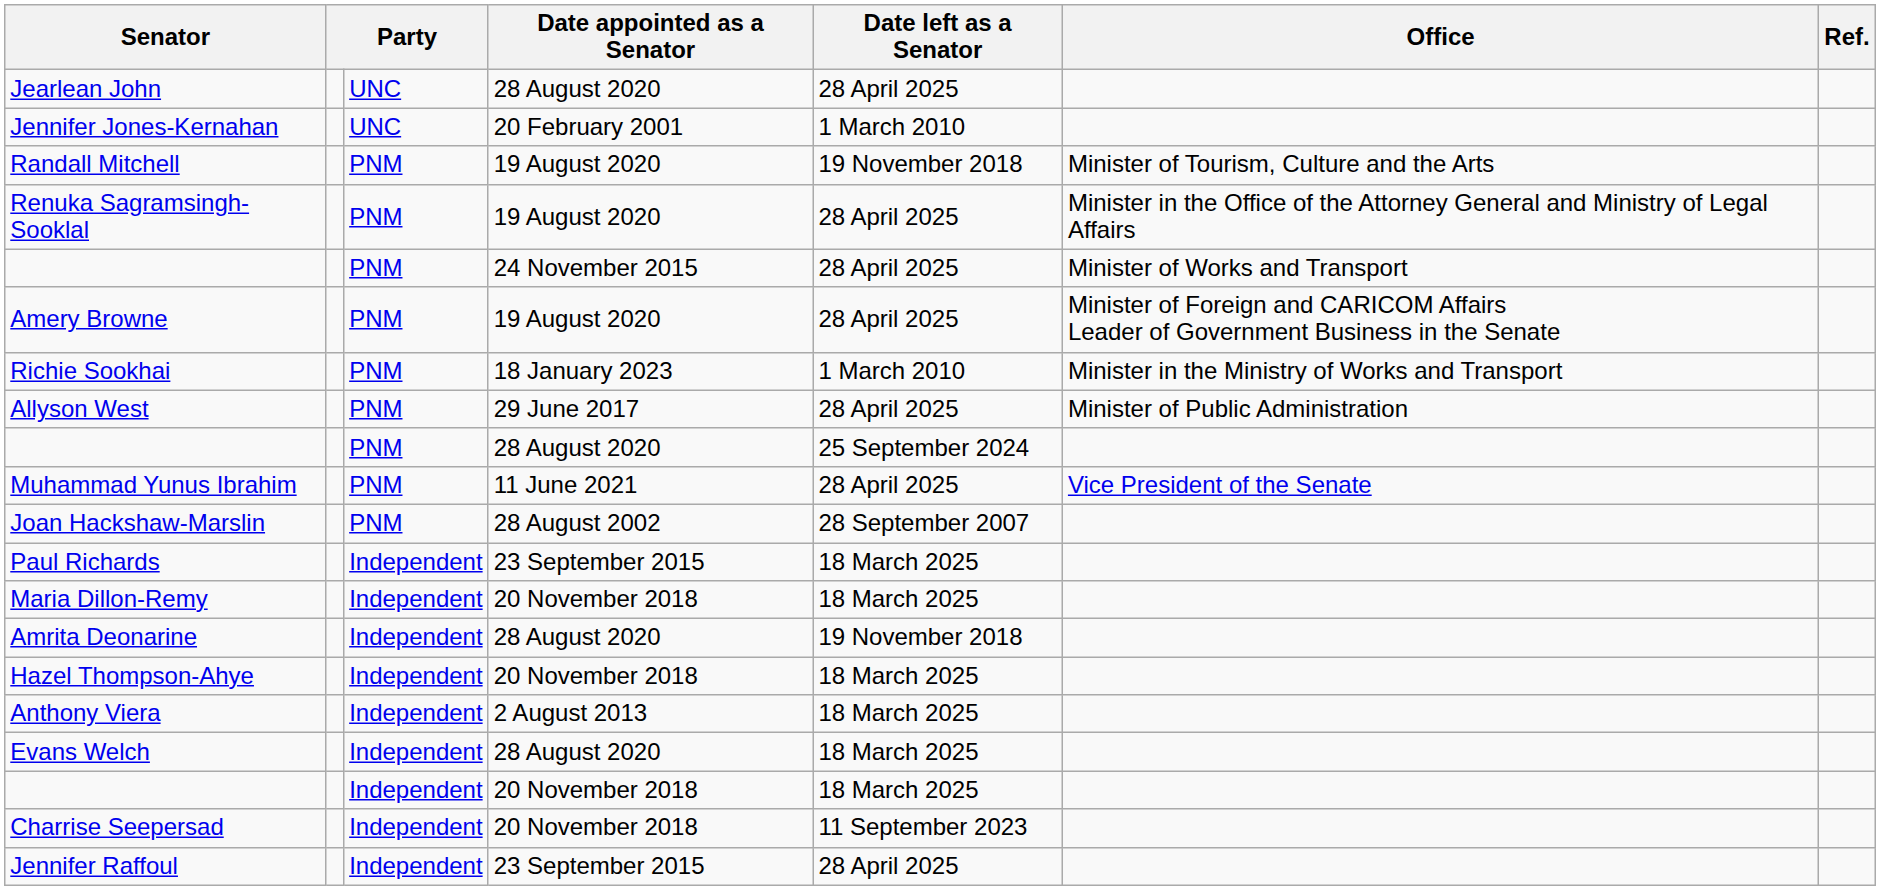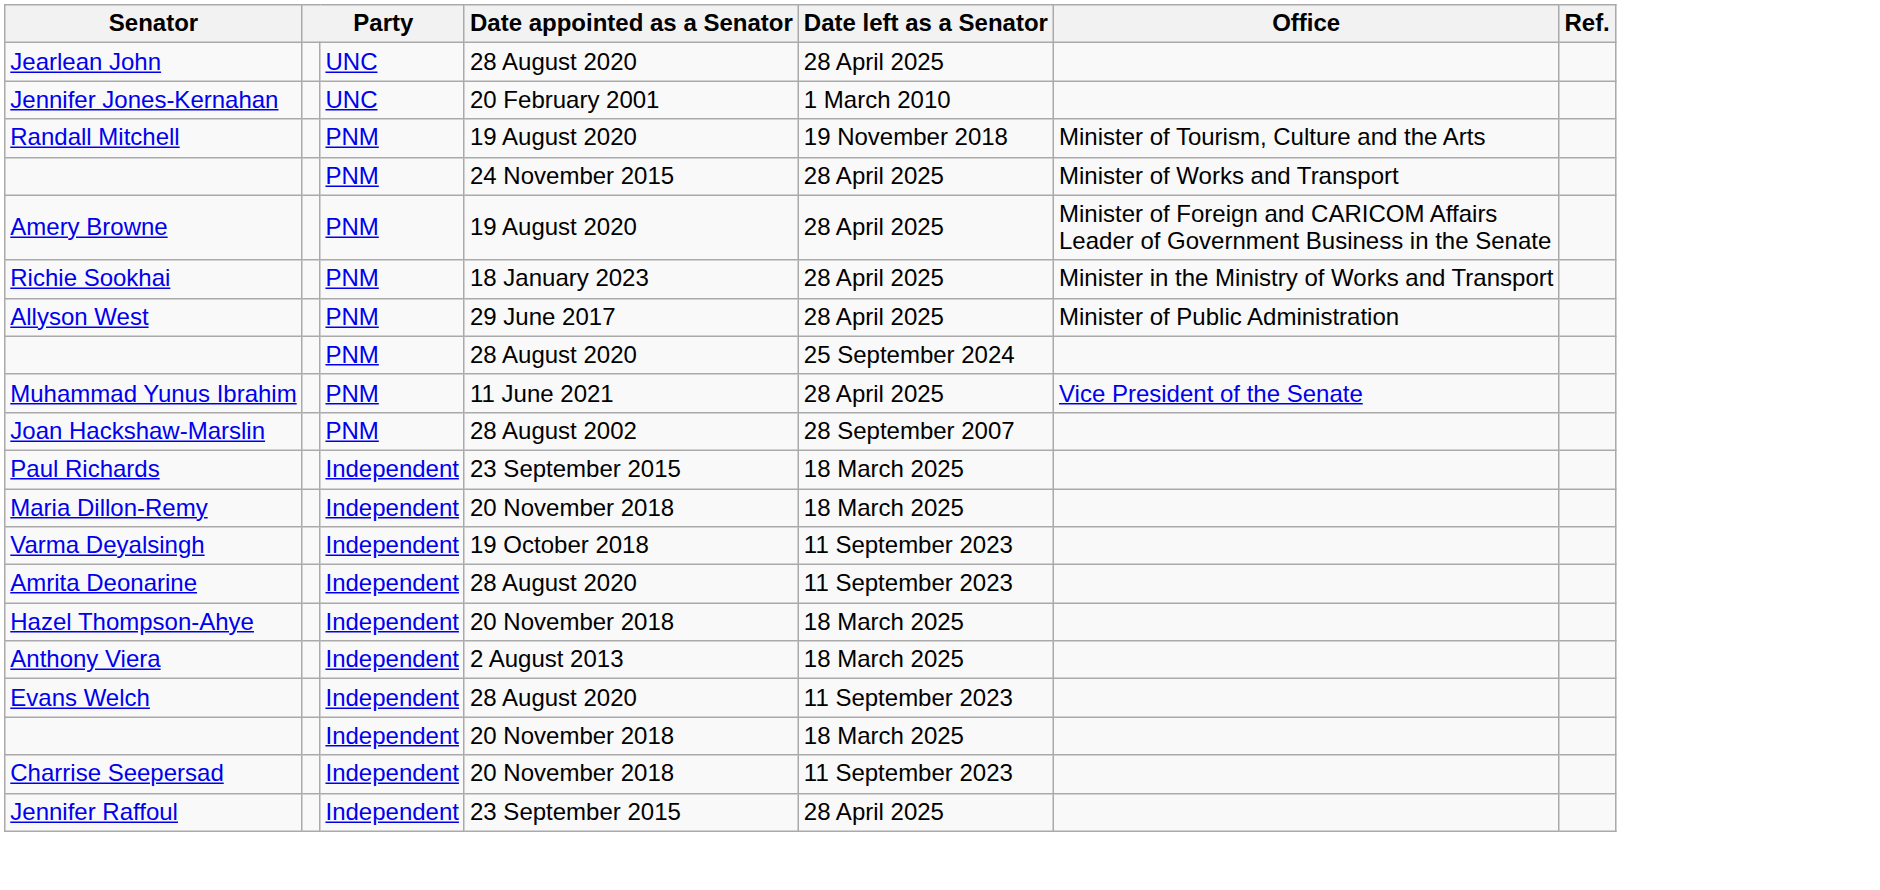 <table class="wikitable sortable mw-collapsible">
 <tr>
 <th>Senator</th>
 <th colspan="2">Party</th>
 <th>Date appointed as a Senator</th>
 <th>Date left as a Senator</th>
 <th>Office</th>
 <th>Ref.</th>
 </tr>
 <tr>
 <td><a href='#'>Jearlean John</a></td>
 <td style="background:"> </td>
 <td><a href='#'>UNC</a></td>
 <td>28 August 2020</td>
 <td>28 April 2025</td>
 <td></td>
 <td></td>
 </tr>
 <tr>
 <td><a href='#'>Jennifer Jones-Kernahan</a></td>
 <td style="background:"> </td>
 <td><a href='#'>UNC</a></td>
 <td>20 February 2001</td>
 <td>1 March 2010</td>
 <td></td>
 <td></td>
 </tr>
 <tr>
 <td><a href='#'>Randall Mitchell</a></td>
 <td style="background:"> </td>
 <td><a href='#'>PNM</a></td>
 <td>19 August 2020</td>
 <td>19 November 2018</td>
 <td>Minister of Tourism, Culture and the Arts</td>
 <td></td>
 </tr>
 <tr>
-<td><a href='#'>Renuka Sagramsingh-Sooklal</a></td>
-<td style="background:"> </td>
-<td><a href='#'>PNM</a></td>
-<td>19 August 2020</td>
-<td>28 April 2025</td>
-<td>Minister in the Office of the Attorney General and Ministry of Legal Affairs</td>
-<td></td>
-</tr>
-<tr>
 <td></td>
 <td style="background:"> </td>
 <td><a href='#'>PNM</a></td>
 <td>24 November 2015</td>
 <td>28 April 2025</td>
 <td>Minister of Works and Transport</td>
 <td></td>
 </tr>
 <tr>
 <td><a href='#'>Amery Browne</a></td>
 <td style="background:"> </td>
 <td><a href='#'>PNM</a></td>
 <td>19 August 2020</td>
 <td>28 April 2025</td>
 <td>Minister of Foreign and CARICOM Affairs<br>Leader of Government Business in the Senate</td>
 <td></td>
 </tr>
 <tr>
 <td><a href='#'>Richie Sookhai</a></td>
 <td style="background:"> </td>
 <td><a href='#'>PNM</a></td>
 <td>18 January 2023</td>
-<td>1 March 2010</td>
+<td>28 April 2025</td>
 <td>Minister in the Ministry of Works and Transport</td>
 <td></td>
 </tr>
 <tr>
 <td><a href='#'>Allyson West</a></td>
 <td style="background:"> </td>
 <td><a href='#'>PNM</a></td>
 <td>29 June 2017</td>
 <td>28 April 2025</td>
 <td>Minister of Public Administration</td>
 <td></td>
 </tr>
 <tr>
 <td></td>
 <td style="background:"> </td>
 <td><a href='#'>PNM</a></td>
 <td>28 August 2020</td>
 <td>25 September 2024</td>
 <td></td>
 <td></td>
 </tr>
 <tr>
 <td><a href='#'>Muhammad Yunus Ibrahim</a></td>
 <td style="background:"> </td>
 <td><a href='#'>PNM</a></td>
 <td>11 June 2021</td>
 <td>28 April 2025</td>
 <td><a href='#'>Vice President of the Senate</a></td>
 <td></td>
 </tr>
 <tr>
 <td><a href='#'>Joan Hackshaw-Marslin</a></td>
 <td style="background:"> </td>
 <td><a href='#'>PNM</a></td>
 <td>28 August 2002</td>
 <td>28 September 2007</td>
 <td></td>
 <td></td>
 </tr>
 <tr>
 <td><a href='#'>Paul Richards</a></td>
 <td style="background:"> </td>
 <td><a href='#'>Independent</a></td>
 <td>23 September 2015</td>
 <td>18 March 2025</td>
 <td></td>
 <td></td>
 </tr>
 <tr>
 <td><a href='#'>Maria Dillon-Remy</a></td>
 <td style="background:"> </td>
 <td><a href='#'>Independent</a></td>
 <td>20 November 2018</td>
 <td>18 March 2025</td>
 <td></td>
 <td></td>
 </tr>
 <tr>
+<td><a href='#'>Varma Deyalsingh</a></td>
+<td style="background:"> </td>
+<td><a href='#'>Independent</a></td>
+<td>19 October 2018</td>
+<td>11 September 2023</td>
+<td></td>
+<td></td>
+</tr>
+<tr>
 <td><a href='#'>Amrita Deonarine</a></td>
 <td style="background:"> </td>
 <td><a href='#'>Independent</a></td>
 <td>28 August 2020</td>
-<td>19 November 2018</td>
+<td>11 September 2023</td>
 <td></td>
 <td></td>
 </tr>
 <tr>
 <td><a href='#'>Hazel Thompson-Ahye</a></td>
 <td style="background:"> </td>
 <td><a href='#'>Independent</a></td>
 <td>20 November 2018</td>
 <td>18 March 2025</td>
 <td></td>
 <td></td>
 </tr>
 <tr>
 <td><a href='#'>Anthony Viera</a></td>
 <td style="background:"> </td>
 <td><a href='#'>Independent</a></td>
 <td>2 August 2013</td>
 <td>18 March 2025</td>
 <td></td>
 <td></td>
 </tr>
 <tr>
 <td><a href='#'>Evans Welch</a></td>
 <td style="background:"> </td>
 <td><a href='#'>Independent</a></td>
 <td>28 August 2020</td>
-<td>18 March 2025</td>
+<td>11 September 2023</td>
 <td></td>
 <td></td>
 </tr>
 <tr>
 <td></td>
 <td style="background:"> </td>
 <td><a href='#'>Independent</a></td>
 <td>20 November 2018</td>
 <td>18 March 2025</td>
 <td></td>
 <td></td>
 </tr>
 <tr>
 <td><a href='#'>Charrise Seepersad</a></td>
 <td style="background:"> </td>
 <td><a href='#'>Independent</a></td>
 <td>20 November 2018</td>
 <td>11 September 2023</td>
 <td></td>
 <td></td>
 </tr>
 <tr>
 <td><a href='#'>Jennifer Raffoul</a></td>
 <td style="background:"> </td>
 <td><a href='#'>Independent</a></td>
 <td>23 September 2015</td>
 <td>28 April 2025</td>
 <td></td>
 <td></td>
 </tr>
 </table>
